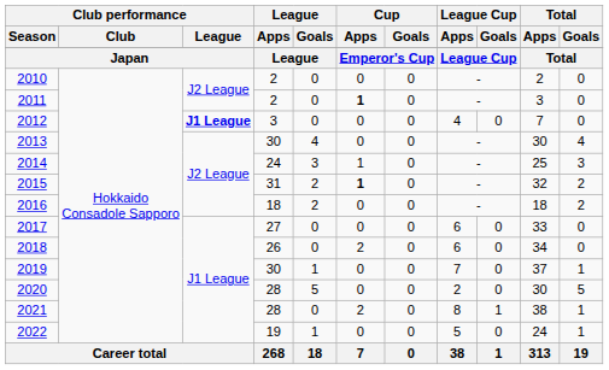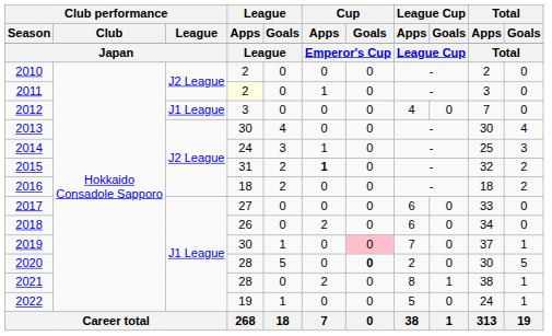 <table class="wikitable" style="text-align:center">
 <tr>
 <th colspan=3>Club performance</th>
 <th colspan=2>League</th>
 <th colspan=2>Cup</th>
 <th colspan=2>League Cup</th>
 <th colspan=2>Total</th>
 </tr>
 <tr>
 <th>Season</th>
 <th>Club</th>
 <th>League</th>
 <th>Apps</th>
 <th>Goals</th>
 <th>Apps</th>
 <th>Goals</th>
 <th>Apps</th>
 <th>Goals</th>
 <th>Apps</th>
 <th>Goals</th>
 </tr>
 <tr>
 </tr>
 <tr>
 <th colspan=3>Japan</th>
 <th colspan=2>League</th>
 <th colspan=2><a href='#'>Emperor's Cup</a></th>
 <th colspan=2><a href='#'>League Cup</a></th>
 <th colspan=2>Total</th>
 </tr>
 <tr>
 <td><a href='#'>2010</a></td>
 <td rowspan="13"><a href='#'>Hokkaido<br>Consadole Sapporo</a></td>
 <td rowspan="2"><a href='#'>J2 League</a></td>
 <td>2</td>
 <td>0</td>
 <td>0</td>
 <td>0</td>
 <td colspan="2">-</td>
 <td>2</td>
 <td>0</td>
 </tr>
 <tr>
 <td><a href='#'>2011</a></td>
-<td>2</td>
+<td style="background: lightyellow;">2</td>
 <td>0</td>
-<td><strong>1</strong></td>
+<td>1</td>
 <td>0</td>
 <td colspan="2">-</td>
 <td>3</td>
 <td>0</td>
 </tr>
 <tr>
 <td><a href='#'>2012</a></td>
-<td><strong><a href='#'>J1 League</a></strong></td>
+<td><a href='#'>J1 League</a></td>
 <td>3</td>
 <td>0</td>
 <td>0</td>
 <td>0</td>
 <td>4</td>
 <td>0</td>
 <td>7</td>
 <td>0</td>
 </tr>
 <tr>
 <td><a href='#'>2013</a></td>
 <td rowspan="4"><a href='#'>J2 League</a></td>
 <td>30</td>
 <td>4</td>
 <td>0</td>
 <td>0</td>
 <td colspan="2">-</td>
 <td>30</td>
 <td>4</td>
 </tr>
 <tr>
 <td><a href='#'>2014</a></td>
 <td>24</td>
 <td>3</td>
 <td>1</td>
 <td>0</td>
 <td colspan="2">-</td>
 <td>25</td>
 <td>3</td>
 </tr>
 <tr>
 <td><a href='#'>2015</a></td>
 <td>31</td>
 <td>2</td>
 <td><strong>1</strong></td>
 <td>0</td>
 <td colspan="2">-</td>
 <td>32</td>
 <td>2</td>
 </tr>
 <tr>
 <td><a href='#'>2016</a></td>
 <td>18</td>
 <td>2</td>
 <td>0</td>
 <td>0</td>
 <td colspan="2">-</td>
 <td>18</td>
 <td>2</td>
 </tr>
 <tr>
 <td><a href='#'>2017</a></td>
 <td rowspan="6"><a href='#'>J1 League</a></td>
 <td>27</td>
 <td>0</td>
 <td>0</td>
 <td>0</td>
 <td>6</td>
 <td>0</td>
 <td>33</td>
 <td>0</td>
 </tr>
 <tr>
 <td><a href='#'>2018</a></td>
 <td>26</td>
 <td>0</td>
 <td>2</td>
 <td>0</td>
 <td>6</td>
 <td>0</td>
 <td>34</td>
 <td>0</td>
 </tr>
 <tr>
 <td><a href='#'>2019</a></td>
 <td>30</td>
 <td>1</td>
 <td>0</td>
-<td>0</td>
+<td style="background: pink;">0</td>
 <td>7</td>
 <td>0</td>
 <td>37</td>
 <td>1</td>
 </tr>
 <tr>
 <td><a href='#'>2020</a></td>
 <td>28</td>
 <td>5</td>
 <td>0</td>
-<td>0</td>
+<td><strong>0</strong></td>
 <td>2</td>
 <td>0</td>
 <td>30</td>
 <td>5</td>
 </tr>
 <tr>
 <td><a href='#'>2021</a></td>
 <td>28</td>
 <td>0</td>
 <td>2</td>
 <td>0</td>
 <td>8</td>
 <td>1</td>
 <td>38</td>
 <td>1</td>
 </tr>
 <tr>
 <td><a href='#'>2022</a></td>
 <td>19</td>
 <td>1</td>
 <td>0</td>
 <td>0</td>
 <td>5</td>
 <td>0</td>
 <td>24</td>
 <td>1</td>
 </tr>
 <tr>
 <th colspan="3">Career total</th>
 <th>268</th>
 <th>18</th>
 <th>7</th>
 <th>0</th>
 <th>38</th>
 <th>1</th>
 <th>313</th>
 <th>19</th>
 </tr>
 </table>
